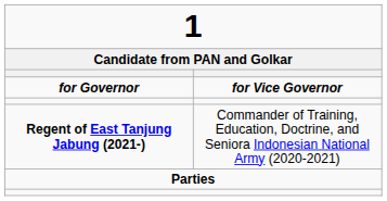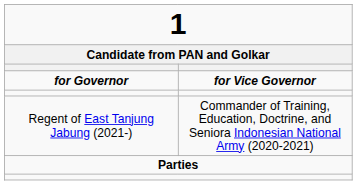 <table class="wikitable" style="font-size:90%; text-align:center;">
 <tr>
 <td colspan=2><big><big><big><big><big><strong>1</strong></big></big></big></big></big></td>
 </tr>
 <tr>
 <td colspan=2 style="background:#f1f1f1;"><strong>Candidate from PAN and Golkar</strong></td>
 </tr>
 <tr>
 <th style="font-size:135%; background:#"><a href='#'></a></th>
 <th style="font-size:135%; background:#"><a href='#'></a></th>
 </tr>
 <tr style="color:#000; font-size:100%; background:#">
 <td style="width:3em; width:200px;"><strong><em>for Governor</em></strong></td>
 <td style="width:3em; width:200px;"><strong><em>for Vice Governor</em></strong></td>
 </tr>
 <tr>
 <td></td>
 <td></td>
 </tr>
 <tr>
-<td><strong>Regent of <a href='#'>East Tanjung Jabung</a> (2021-)</strong></td>
+<td>Regent of <a href='#'>East Tanjung Jabung</a> (2021-)</td>
 <td>Commander of Training, Education, Doctrine, and Seniora <a href='#'>Indonesian National Army</a> (2020-2021)</td>
 </tr>
 <tr>
 <td colspan=2><strong>Parties</strong></td>
 </tr>
 <tr>
 <td colspan=2> </td>
 </tr>
 </table>
